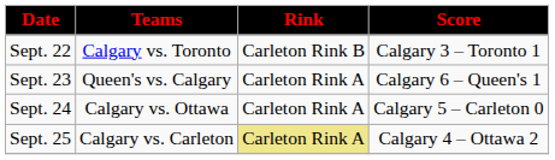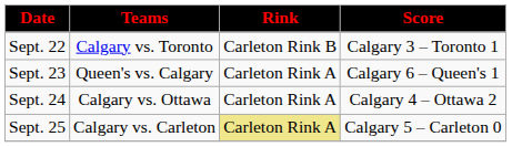 <table class="wikitable" style="text-align:center">
 <tr>
 <th style="background:black;color:red;">Date</th>
 <th style="background:black;color:red;">Teams</th>
 <th style="background:black;color:red;">Rink</th>
 <th style="background:black;color:red;">Score</th>
 </tr>
 <tr>
 <td>Sept. 22</td>
 <td><a href='#'>Calgary</a> vs. Toronto</td>
 <td>Carleton Rink B</td>
 <td>Calgary 3 – Toronto 1</td>
 </tr>
 <tr>
 <td>Sept. 23</td>
 <td>Queen's vs. Calgary</td>
 <td>Carleton Rink A</td>
 <td>Calgary 6 – Queen's 1</td>
 </tr>
 <tr>
 <td>Sept. 24</td>
 <td>Calgary vs. Ottawa</td>
 <td>Carleton Rink A</td>
-<td>Calgary 5 – Carleton 0</td>
+<td>Calgary 4 – Ottawa 2</td>
 </tr>
 <tr>
 <td>Sept. 25</td>
 <td>Calgary vs. Carleton</td>
 <td style="background: khaki;">Carleton Rink A</td>
-<td>Calgary 4 – Ottawa 2</td>
+<td>Calgary 5 – Carleton 0</td>
 </tr>
 <tr>
 </tr>
 </table>
